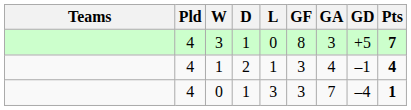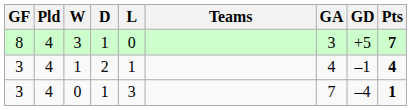 <table class="wikitable" style="text-align: center;">
 <tr>
-<th width=165>Teams</th>
+<th width=20>GF</th>
 <th width=20>Pld</th>
 <th width=20>W</th>
 <th width=20>D</th>
 <th width=20>L</th>
-<th width=20>GF</th>
+<th width=165>Teams</th>
 <th width=20>GA</th>
 <th width=20>GD</th>
 <th width=20>Pts</th>
 </tr>
 <tr align=center style="background:#ccffcc;">
-<td style="text-align:left;"></td>
+<td>8</td>
 <td>4</td>
 <td>3</td>
 <td>1</td>
 <td>0</td>
-<td>8</td>
+<td style="text-align:left;"></td>
 <td>3</td>
 <td>+5</td>
 <td><strong>7</strong></td>
 </tr>
 <tr align=center>
-<td style="text-align:left;"></td>
+<td>3</td>
 <td>4</td>
 <td>1</td>
 <td>2</td>
 <td>1</td>
-<td>3</td>
+<td style="text-align:left;"></td>
 <td>4</td>
 <td>–1</td>
 <td><strong>4</strong></td>
 </tr>
 <tr align=center>
-<td style="text-align:left;"></td>
+<td>3</td>
 <td>4</td>
 <td>0</td>
 <td>1</td>
 <td>3</td>
-<td>3</td>
+<td style="text-align:left;"></td>
 <td>7</td>
 <td>–4</td>
 <td><strong>1</strong></td>
 </tr>
 </table>
